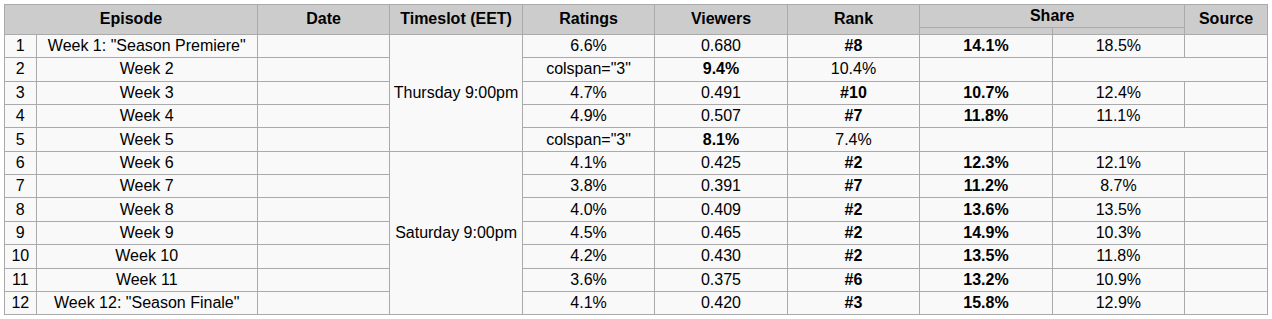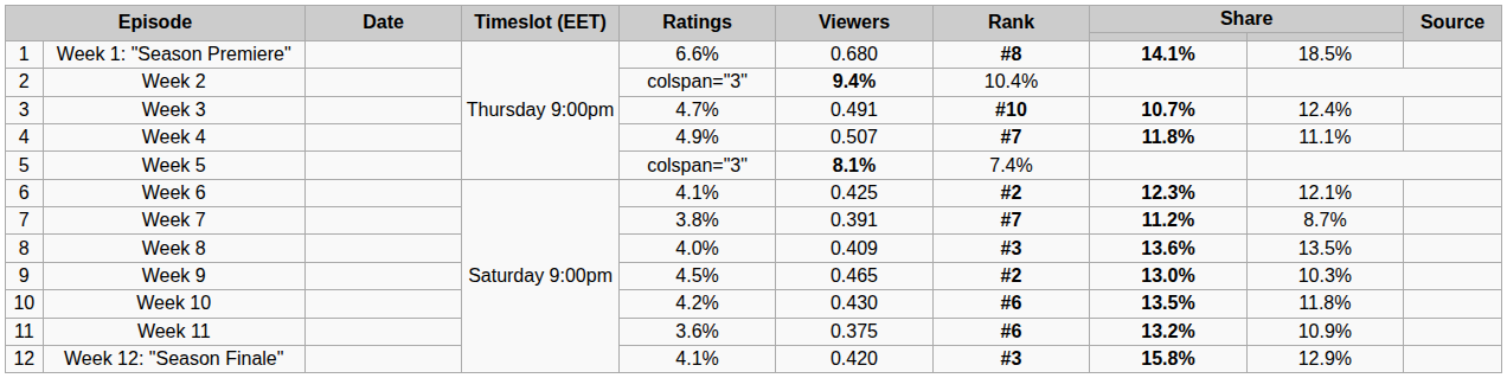 <table class="wikitable" style="text-align:center; background:#f9f9f9; line-height:16px;" width="100%">
 <tr>
 <th style="background:#ccc; color:#yyy;" width="15%" colspan="2" rowspan="2">Episode</th>
 <th style="background:#ccc; color:#yyy;" width="08%" rowspan="2">Date</th>
 <th style="background:#ccc; color:#yyy;" width="08%" rowspan="2">Timeslot (EET)</th>
 <th style="background:#ccc; color:#yyy;" width="08%" rowspan="2">Ratings</th>
 <th style="background:#ccc; color:#yyy;" width="08%" rowspan="2">Viewers<br><small></small></th>
 <th style="background:#ccc; color:#yyy;" width="08%" rowspan="2">Rank<br><small></small></th>
 <th style="background:#ccc; color:#yyy;" width="16%" colspan="2">Share</th>
 <th style="background:#ccc; color:#yyy;" width="5%" rowspan="2">Source</th>
 </tr>
 <tr style="font-size:85%;">
 <th style="background:#ccc; color:#yyy;" width="08%"></th>
 <th style="background:#ccc; color:#yyy;" width="08%"></th>
 </tr>
 <tr>
 <td>1</td>
 <td>Week 1: "Season Premiere"</td>
 <td></td>
 <td rowspan="5">Thursday 9:00pm</td>
 <td>6.6%</td>
 <td>0.680</td>
 <td><strong>#8</strong></td>
 <td><strong>14.1%</strong></td>
 <td>18.5%</td>
 <td></td>
 </tr>
 <tr>
 <td>2</td>
 <td>Week 2</td>
 <td></td>
 <td>colspan="3" </td>
 <td><strong>9.4%</strong></td>
 <td>10.4%</td>
 <td></td>
 </tr>
 <tr>
 <td>3</td>
 <td>Week 3</td>
 <td></td>
 <td>4.7%</td>
 <td>0.491</td>
 <td><strong>#10</strong></td>
 <td><strong>10.7%</strong></td>
 <td>12.4%</td>
 <td></td>
 </tr>
 <tr>
 <td>4</td>
 <td>Week 4</td>
 <td></td>
 <td>4.9%</td>
 <td>0.507</td>
 <td><strong>#7</strong></td>
 <td><strong>11.8%</strong></td>
 <td>11.1%</td>
 <td></td>
 </tr>
 <tr>
 <td>5</td>
 <td>Week 5</td>
 <td></td>
 <td>colspan="3" </td>
 <td><strong>8.1%</strong></td>
 <td>7.4%</td>
 <td></td>
 </tr>
 <tr>
 <td>6</td>
 <td>Week 6</td>
 <td></td>
 <td rowspan="7">Saturday 9:00pm</td>
 <td>4.1%</td>
 <td>0.425</td>
 <td><strong>#2</strong></td>
 <td><strong>12.3%</strong></td>
 <td>12.1%</td>
 <td></td>
 </tr>
 <tr>
 <td>7</td>
 <td>Week 7</td>
 <td></td>
 <td>3.8%</td>
 <td>0.391</td>
 <td><strong>#7</strong></td>
 <td><strong>11.2%</strong></td>
 <td>8.7%</td>
 <td></td>
 </tr>
 <tr>
 <td>8</td>
 <td>Week 8</td>
 <td></td>
 <td>4.0%</td>
 <td>0.409</td>
-<td><strong>#2</strong></td>
+<td><strong>#3</strong></td>
 <td><strong>13.6%</strong></td>
 <td>13.5%</td>
 <td></td>
 </tr>
 <tr>
 <td>9</td>
 <td>Week 9</td>
 <td></td>
 <td>4.5%</td>
 <td>0.465</td>
 <td><strong>#2</strong></td>
-<td><strong>14.9%</strong></td>
+<td><strong>13.0%</strong></td>
 <td>10.3%</td>
 <td></td>
 </tr>
 <tr>
 <td>10</td>
 <td>Week 10</td>
 <td></td>
 <td>4.2%</td>
 <td>0.430</td>
-<td><strong>#2</strong></td>
+<td><strong>#6</strong></td>
 <td><strong>13.5%</strong></td>
 <td>11.8%</td>
 <td></td>
 </tr>
 <tr>
 <td>11</td>
 <td>Week 11</td>
 <td></td>
 <td>3.6%</td>
 <td>0.375</td>
 <td><strong>#6</strong></td>
 <td><strong>13.2%</strong></td>
 <td>10.9%</td>
 <td></td>
 </tr>
 <tr>
 <td>12</td>
 <td>Week 12: "Season Finale"</td>
 <td></td>
 <td>4.1%</td>
 <td>0.420</td>
 <td><strong>#3</strong></td>
 <td><strong>15.8%</strong></td>
 <td>12.9%</td>
 <td></td>
 </tr>
 <tr>
 </tr>
 </table>
